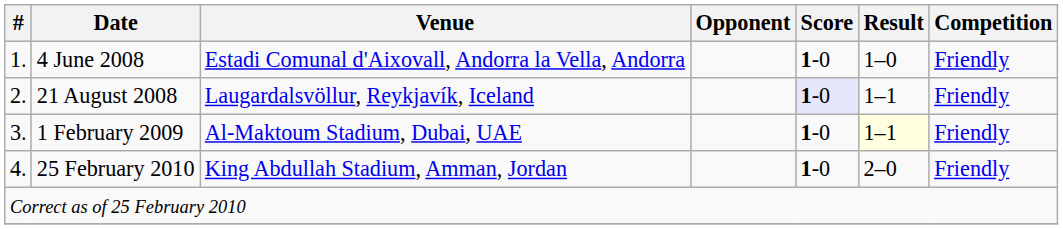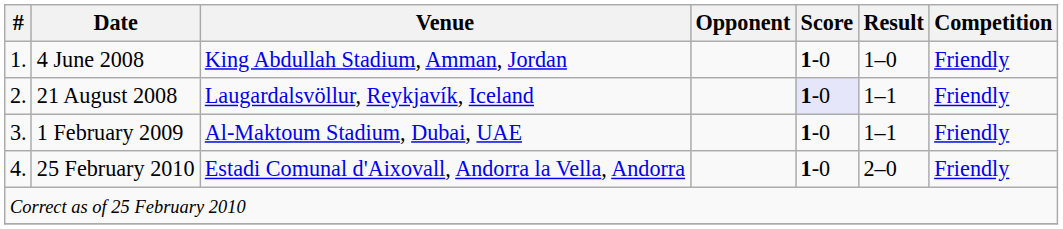 <table class="wikitable" style="font-size:95%;">
 <tr>
 <th>#</th>
 <th>Date</th>
 <th>Venue</th>
 <th>Opponent</th>
 <th>Score</th>
 <th>Result</th>
 <th>Competition</th>
 </tr>
 <tr>
 <td>1.</td>
 <td>4 June 2008</td>
-<td><a href='#'>Estadi Comunal d'Aixovall</a>, <a href='#'>Andorra la Vella</a>, <a href='#'>Andorra</a></td>
+<td><a href='#'>King Abdullah Stadium</a>, <a href='#'>Amman</a>, <a href='#'>Jordan</a></td>
 <td></td>
 <td><strong>1</strong>-0</td>
 <td>1–0</td>
 <td><a href='#'>Friendly</a></td>
 </tr>
 <tr>
 <td>2.</td>
 <td>21 August 2008</td>
 <td><a href='#'>Laugardalsvöllur</a>, <a href='#'>Reykjavík</a>, <a href='#'>Iceland</a></td>
 <td></td>
 <td style="background: lavender;"><strong>1</strong>-0</td>
 <td>1–1</td>
 <td><a href='#'>Friendly</a></td>
 </tr>
 <tr>
 <td>3.</td>
 <td>1 February 2009</td>
 <td><a href='#'>Al-Maktoum Stadium</a>, <a href='#'>Dubai</a>, <a href='#'>UAE</a></td>
 <td></td>
 <td><strong>1</strong>-0</td>
-<td style="background: lightyellow;">1–1</td>
+<td>1–1</td>
 <td><a href='#'>Friendly</a></td>
 </tr>
 <tr>
 <td>4.</td>
 <td>25 February 2010</td>
-<td><a href='#'>King Abdullah Stadium</a>, <a href='#'>Amman</a>, <a href='#'>Jordan</a></td>
+<td><a href='#'>Estadi Comunal d'Aixovall</a>, <a href='#'>Andorra la Vella</a>, <a href='#'>Andorra</a></td>
 <td></td>
 <td><strong>1</strong>-0</td>
 <td>2–0</td>
 <td><a href='#'>Friendly</a></td>
 </tr>
 <tr>
 <td colspan="12"><small><em>Correct as of 25 February 2010</em></small></td>
 </tr>
 <tr>
 </tr>
 </table>
